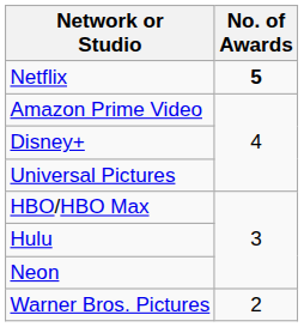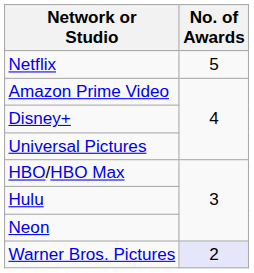 <table class="wikitable">
 <tr>
 <th>Network or<br>Studio</th>
 <th>No. of<br>Awards</th>
 </tr>
 <tr>
 <td><a href='#'>Netflix</a></td>
-<td style="text-align:center;"><strong>5</strong></td>
+<td style="text-align:center;">5</td>
 </tr>
 <tr>
 <td><a href='#'>Amazon Prime Video</a></td>
 <td style="text-align:center;" rowspan="3">4</td>
 </tr>
 <tr>
 <td><a href='#'>Disney+</a></td>
 </tr>
 <tr>
 <td><a href='#'>Universal Pictures</a></td>
 </tr>
 <tr>
 <td><a href='#'>HBO</a>/<a href='#'>HBO Max</a></td>
 <td style="text-align:center;" rowspan="3">3</td>
 </tr>
 <tr>
 <td><a href='#'>Hulu</a></td>
 </tr>
 <tr>
 <td><a href='#'>Neon</a></td>
 </tr>
 <tr>
 <td><a href='#'>Warner Bros. Pictures</a></td>
-<td style="text-align:center;">2</td>
+<td style="background: lavender; text-align:center;">2</td>
 </tr>
 </table>
